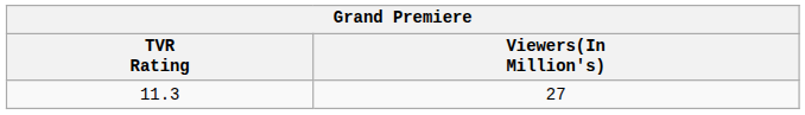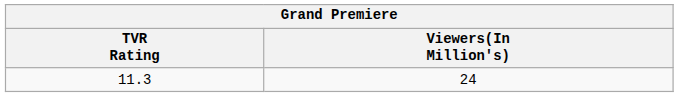 <table class="wikitable" style="font-size:90%; text-align:center; width: 90%; margin-left: auto; margin-right: auto;style=width:50em ">
 <tr>
 <th colspan="2">Grand Premiere</th>
 </tr>
 <tr>
 <th>TVR<br>Rating</th>
 <th>Viewers(In<br>Million's)</th>
 </tr>
 <tr>
 <td>11.3</td>
-<td>27</td>
+<td>24</td>
 </tr>
 </table>
